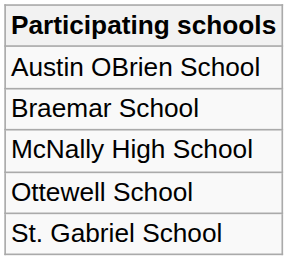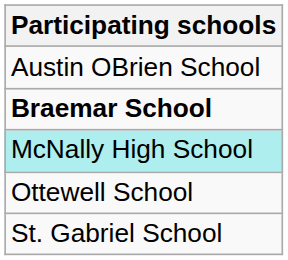 <table class="wikitable" align=right>
 <tr>
 <th>Participating schools</th>
 </tr>
 <tr>
 <td>Austin OBrien School</td>
 </tr>
 <tr>
-<td>Braemar School</td>
+<td><strong>Braemar School</strong></td>
 </tr>
 <tr>
-<td>McNally High School</td>
+<td style="background: paleturquoise;">McNally High School</td>
 </tr>
 <tr>
 <td>Ottewell School</td>
 </tr>
 <tr>
 <td>St. Gabriel School</td>
 </tr>
 </table>
